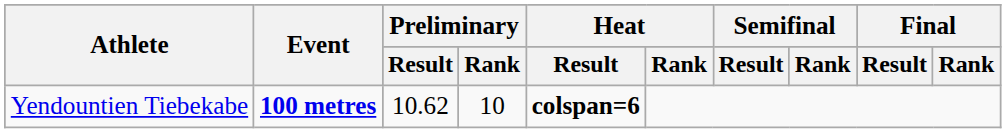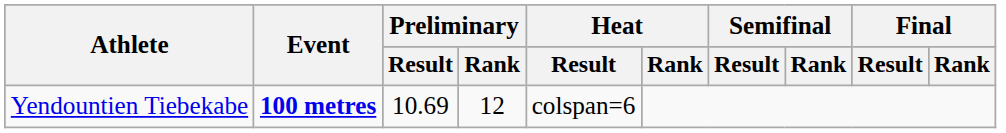 <table class="wikitable" style="font-size:90%">
 <tr>
 <th rowspan="2">Athlete</th>
 <th rowspan="2">Event</th>
 <th colspan="2">Preliminary</th>
 <th colspan="2">Heat</th>
 <th colspan="2">Semifinal</th>
 <th colspan="2">Final</th>
 </tr>
 <tr style="font-size:95%">
 <th>Result</th>
 <th>Rank</th>
 <th>Result</th>
 <th>Rank</th>
 <th>Result</th>
 <th>Rank</th>
 <th>Result</th>
 <th>Rank</th>
 </tr>
 <tr style=text-align:center>
 <td style=text-align:left><a href='#'>Yendountien Tiebekabe</a></td>
 <td style=text-align:left><strong><a href='#'>100 metres</a></strong></td>
-<td>10.62</td>
-<td>10</td>
-<td><strong>colspan=6 </strong></td>
+<td>10.69</td>
+<td>12</td>
+<td>colspan=6 </td>
 </tr>
 </table>
